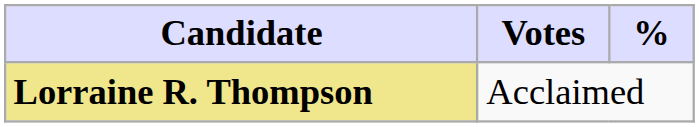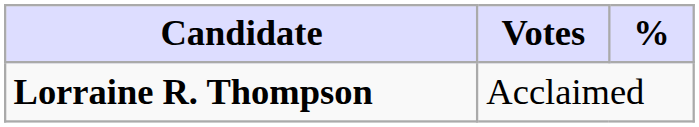 <table class="wikitable">
 <tr>
 <th style="background:#ddf; width:200px;">Candidate</th>
 <th style="background:#ddf; width:50px;">Votes</th>
 <th style="background:#ddf; width:30px;">%</th>
 </tr>
 <tr>
-<td style="background: khaki;"><strong>Lorraine R. Thompson</strong></td>
+<td><strong>Lorraine R. Thompson</strong></td>
 <td colspan="2">Acclaimed</td>
 </tr>
 </table>
